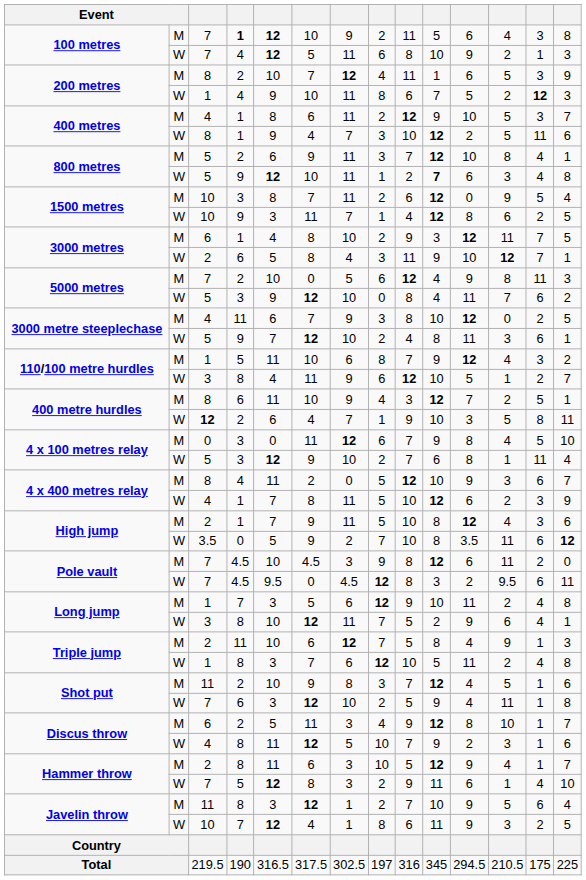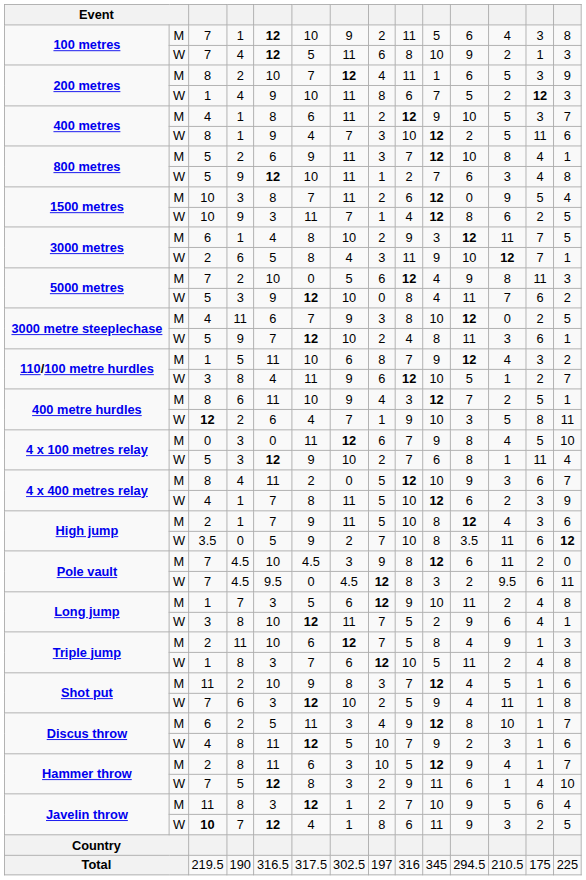 <table class="wikitable" style="background-color: #f9f9f9; font-size: 90%; text-align: center">
 <tr>
 <th width=200 colspan=2>Event</th>
 <th></th>
 <th></th>
 <th></th>
 <th></th>
 <th></th>
 <th></th>
 <th></th>
 <th></th>
 <th></th>
 <th></th>
 <th></th>
 <th></th>
 </tr>
 <tr>
 <td rowspan=2><strong><a href='#'>100 metres</a></strong></td>
 <td>M</td>
 <td>7</td>
-<td><strong>1</strong></td>
+<td>1</td>
 <td><strong>12</strong></td>
 <td>10</td>
 <td>9</td>
 <td>2</td>
 <td>11</td>
 <td>5</td>
 <td>6</td>
 <td>4</td>
 <td>3</td>
 <td>8</td>
 </tr>
 <tr>
 <td>W</td>
 <td>7</td>
 <td>4</td>
 <td><strong>12</strong></td>
 <td>5</td>
 <td>11</td>
 <td>6</td>
 <td>8</td>
 <td>10</td>
 <td>9</td>
 <td>2</td>
 <td>1</td>
 <td>3</td>
 </tr>
 <tr>
 <td rowspan=2><strong><a href='#'>200 metres</a></strong></td>
 <td>M</td>
 <td>8</td>
 <td>2</td>
 <td>10</td>
 <td>7</td>
 <td><strong>12</strong></td>
 <td>4</td>
 <td>11</td>
 <td>1</td>
 <td>6</td>
 <td>5</td>
 <td>3</td>
 <td>9</td>
 </tr>
 <tr>
 <td>W</td>
 <td>1</td>
 <td>4</td>
 <td>9</td>
 <td>10</td>
 <td>11</td>
 <td>8</td>
 <td>6</td>
 <td>7</td>
 <td>5</td>
 <td>2</td>
 <td><strong>12</strong></td>
 <td>3</td>
 </tr>
 <tr>
 <td rowspan=2><strong><a href='#'>400 metres</a></strong></td>
 <td>M</td>
 <td>4</td>
 <td>1</td>
 <td>8</td>
 <td>6</td>
 <td>11</td>
 <td>2</td>
 <td><strong>12</strong></td>
 <td>9</td>
 <td>10</td>
 <td>5</td>
 <td>3</td>
 <td>7</td>
 </tr>
 <tr>
 <td>W</td>
 <td>8</td>
 <td>1</td>
 <td>9</td>
 <td>4</td>
 <td>7</td>
 <td>3</td>
 <td>10</td>
 <td><strong>12</strong></td>
 <td>2</td>
 <td>5</td>
 <td>11</td>
 <td>6</td>
 </tr>
 <tr>
 <td rowspan=2><strong><a href='#'>800 metres</a></strong></td>
 <td>M</td>
 <td>5</td>
 <td>2</td>
 <td>6</td>
 <td>9</td>
 <td>11</td>
 <td>3</td>
 <td>7</td>
 <td><strong>12</strong></td>
 <td>10</td>
 <td>8</td>
 <td>4</td>
 <td>1</td>
 </tr>
 <tr>
 <td>W</td>
 <td>5</td>
 <td>9</td>
 <td><strong>12</strong></td>
 <td>10</td>
 <td>11</td>
 <td>1</td>
 <td>2</td>
-<td><strong>7</strong></td>
+<td>7</td>
 <td>6</td>
 <td>3</td>
 <td>4</td>
 <td>8</td>
 </tr>
 <tr>
 <td rowspan=2><strong><a href='#'>1500 metres</a></strong></td>
 <td>M</td>
 <td>10</td>
 <td>3</td>
 <td>8</td>
 <td>7</td>
 <td>11</td>
 <td>2</td>
 <td>6</td>
 <td><strong>12</strong></td>
 <td>0</td>
 <td>9</td>
 <td>5</td>
 <td>4</td>
 </tr>
 <tr>
 <td>W</td>
 <td>10</td>
 <td>9</td>
 <td>3</td>
 <td>11</td>
 <td>7</td>
 <td>1</td>
 <td>4</td>
 <td><strong>12</strong></td>
 <td>8</td>
 <td>6</td>
 <td>2</td>
 <td>5</td>
 </tr>
 <tr>
 <td rowspan=2><strong><a href='#'>3000 metres</a></strong></td>
 <td>M</td>
 <td>6</td>
 <td>1</td>
 <td>4</td>
 <td>8</td>
 <td>10</td>
 <td>2</td>
 <td>9</td>
 <td>3</td>
 <td><strong>12</strong></td>
 <td>11</td>
 <td>7</td>
 <td>5</td>
 </tr>
 <tr>
 <td>W</td>
 <td>2</td>
 <td>6</td>
 <td>5</td>
 <td>8</td>
 <td>4</td>
 <td>3</td>
 <td>11</td>
 <td>9</td>
 <td>10</td>
 <td><strong>12</strong></td>
 <td>7</td>
 <td>1</td>
 </tr>
 <tr>
 <td rowspan=2><strong><a href='#'>5000 metres</a></strong></td>
 <td>M</td>
 <td>7</td>
 <td>2</td>
 <td>10</td>
 <td>0</td>
 <td>5</td>
 <td>6</td>
 <td><strong>12</strong></td>
 <td>4</td>
 <td>9</td>
 <td>8</td>
 <td>11</td>
 <td>3</td>
 </tr>
 <tr>
 <td>W</td>
 <td>5</td>
 <td>3</td>
 <td>9</td>
 <td><strong>12</strong></td>
 <td>10</td>
 <td>0</td>
 <td>8</td>
 <td>4</td>
 <td>11</td>
 <td>7</td>
 <td>6</td>
 <td>2</td>
 </tr>
 <tr>
 <td rowspan=2><strong><a href='#'>3000 metre steeplechase</a></strong></td>
 <td>M</td>
 <td>4</td>
 <td>11</td>
 <td>6</td>
 <td>7</td>
 <td>9</td>
 <td>3</td>
 <td>8</td>
 <td>10</td>
 <td><strong>12</strong></td>
 <td>0</td>
 <td>2</td>
 <td>5</td>
 </tr>
 <tr>
 <td>W</td>
 <td>5</td>
 <td>9</td>
 <td>7</td>
 <td><strong>12</strong></td>
 <td>10</td>
 <td>2</td>
 <td>4</td>
 <td>8</td>
 <td>11</td>
 <td>3</td>
 <td>6</td>
 <td>1</td>
 </tr>
 <tr>
 <td rowspan=2><strong><a href='#'>110</a>/<a href='#'>100 metre hurdles</a></strong></td>
 <td>M</td>
 <td>1</td>
 <td>5</td>
 <td>11</td>
 <td>10</td>
 <td>6</td>
 <td>8</td>
 <td>7</td>
 <td>9</td>
 <td><strong>12</strong></td>
 <td>4</td>
 <td>3</td>
 <td>2</td>
 </tr>
 <tr>
 <td>W</td>
 <td>3</td>
 <td>8</td>
 <td>4</td>
 <td>11</td>
 <td>9</td>
 <td>6</td>
 <td><strong>12</strong></td>
 <td>10</td>
 <td>5</td>
 <td>1</td>
 <td>2</td>
 <td>7</td>
 </tr>
 <tr>
 <td rowspan=2><strong><a href='#'>400 metre hurdles</a></strong></td>
 <td>M</td>
 <td>8</td>
 <td>6</td>
 <td>11</td>
 <td>10</td>
 <td>9</td>
 <td>4</td>
 <td>3</td>
 <td><strong>12</strong></td>
 <td>7</td>
 <td>2</td>
 <td>5</td>
 <td>1</td>
 </tr>
 <tr>
 <td>W</td>
 <td><strong>12</strong></td>
 <td>2</td>
 <td>6</td>
 <td>4</td>
 <td>7</td>
 <td>1</td>
 <td>9</td>
 <td>10</td>
 <td>3</td>
 <td>5</td>
 <td>8</td>
 <td>11</td>
 </tr>
 <tr>
 <td rowspan=2><strong><a href='#'>4 x 100 metres relay</a></strong></td>
 <td>M</td>
 <td>0</td>
 <td>3</td>
 <td>0</td>
 <td>11</td>
 <td><strong>12</strong></td>
 <td>6</td>
 <td>7</td>
 <td>9</td>
 <td>8</td>
 <td>4</td>
 <td>5</td>
 <td>10</td>
 </tr>
 <tr>
 <td>W</td>
 <td>5</td>
 <td>3</td>
 <td><strong>12</strong></td>
 <td>9</td>
 <td>10</td>
 <td>2</td>
 <td>7</td>
 <td>6</td>
 <td>8</td>
 <td>1</td>
 <td>11</td>
 <td>4</td>
 </tr>
 <tr>
 <td rowspan=2><strong><a href='#'>4 x 400 metres relay</a></strong></td>
 <td>M</td>
 <td>8</td>
 <td>4</td>
 <td>11</td>
 <td>2</td>
 <td>0</td>
 <td>5</td>
 <td><strong>12</strong></td>
 <td>10</td>
 <td>9</td>
 <td>3</td>
 <td>6</td>
 <td>7</td>
 </tr>
 <tr>
 <td>W</td>
 <td>4</td>
 <td>1</td>
 <td>7</td>
 <td>8</td>
 <td>11</td>
 <td>5</td>
 <td>10</td>
 <td><strong>12</strong></td>
 <td>6</td>
 <td>2</td>
 <td>3</td>
 <td>9</td>
 </tr>
 <tr>
 <td rowspan=2><strong><a href='#'>High jump</a></strong></td>
 <td>M</td>
 <td>2</td>
 <td>1</td>
 <td>7</td>
 <td>9</td>
 <td>11</td>
 <td>5</td>
 <td>10</td>
 <td>8</td>
 <td><strong>12</strong></td>
 <td>4</td>
 <td>3</td>
 <td>6</td>
 </tr>
 <tr>
 <td>W</td>
 <td>3.5</td>
 <td>0</td>
 <td>5</td>
 <td>9</td>
 <td>2</td>
 <td>7</td>
 <td>10</td>
 <td>8</td>
 <td>3.5</td>
 <td>11</td>
 <td>6</td>
 <td><strong>12</strong></td>
 </tr>
 <tr>
 <td rowspan=2><strong><a href='#'>Pole vault</a></strong></td>
 <td>M</td>
 <td>7</td>
 <td>4.5</td>
 <td>10</td>
 <td>4.5</td>
 <td>3</td>
 <td>9</td>
 <td>8</td>
 <td><strong>12</strong></td>
 <td>6</td>
 <td>11</td>
 <td>2</td>
 <td>0</td>
 </tr>
 <tr>
 <td>W</td>
 <td>7</td>
 <td>4.5</td>
 <td>9.5</td>
 <td>0</td>
 <td>4.5</td>
 <td><strong>12</strong></td>
 <td>8</td>
 <td>3</td>
 <td>2</td>
 <td>9.5</td>
 <td>6</td>
 <td>11</td>
 </tr>
 <tr>
 <td rowspan=2><strong><a href='#'>Long jump</a></strong></td>
 <td>M</td>
 <td>1</td>
 <td>7</td>
 <td>3</td>
 <td>5</td>
 <td>6</td>
 <td><strong>12</strong></td>
 <td>9</td>
 <td>10</td>
 <td>11</td>
 <td>2</td>
 <td>4</td>
 <td>8</td>
 </tr>
 <tr>
 <td>W</td>
 <td>3</td>
 <td>8</td>
 <td>10</td>
 <td><strong>12</strong></td>
 <td>11</td>
 <td>7</td>
 <td>5</td>
 <td>2</td>
 <td>9</td>
 <td>6</td>
 <td>4</td>
 <td>1</td>
 </tr>
 <tr>
 <td rowspan=2><strong><a href='#'>Triple jump</a></strong></td>
 <td>M</td>
 <td>2</td>
 <td>11</td>
 <td>10</td>
 <td>6</td>
 <td><strong>12</strong></td>
 <td>7</td>
 <td>5</td>
 <td>8</td>
 <td>4</td>
 <td>9</td>
 <td>1</td>
 <td>3</td>
 </tr>
 <tr>
 <td>W</td>
 <td>1</td>
 <td>8</td>
 <td>3</td>
 <td>7</td>
 <td>6</td>
 <td><strong>12</strong></td>
 <td>10</td>
 <td>5</td>
 <td>11</td>
 <td>2</td>
 <td>4</td>
 <td>8</td>
 </tr>
 <tr>
 <td rowspan=2><strong><a href='#'>Shot put</a></strong></td>
 <td>M</td>
 <td>11</td>
 <td>2</td>
 <td>10</td>
 <td>9</td>
 <td>8</td>
 <td>3</td>
 <td>7</td>
 <td><strong>12</strong></td>
 <td>4</td>
 <td>5</td>
 <td>1</td>
 <td>6</td>
 </tr>
 <tr>
 <td>W</td>
 <td>7</td>
 <td>6</td>
 <td>3</td>
 <td><strong>12</strong></td>
 <td>10</td>
 <td>2</td>
 <td>5</td>
 <td>9</td>
 <td>4</td>
 <td>11</td>
 <td>1</td>
 <td>8</td>
 </tr>
 <tr>
 <td rowspan=2><strong><a href='#'>Discus throw</a></strong></td>
 <td>M</td>
 <td>6</td>
 <td>2</td>
 <td>5</td>
 <td>11</td>
 <td>3</td>
 <td>4</td>
 <td>9</td>
 <td><strong>12</strong></td>
 <td>8</td>
 <td>10</td>
 <td>1</td>
 <td>7</td>
 </tr>
 <tr>
 <td>W</td>
 <td>4</td>
 <td>8</td>
 <td>11</td>
 <td><strong>12</strong></td>
 <td>5</td>
 <td>10</td>
 <td>7</td>
 <td>9</td>
 <td>2</td>
 <td>3</td>
 <td>1</td>
 <td>6</td>
 </tr>
 <tr>
 <td rowspan=2><strong><a href='#'>Hammer throw</a></strong></td>
 <td>M</td>
 <td>2</td>
 <td>8</td>
 <td>11</td>
 <td>6</td>
 <td>3</td>
 <td>10</td>
 <td>5</td>
 <td><strong>12</strong></td>
 <td>9</td>
 <td>4</td>
 <td>1</td>
 <td>7</td>
 </tr>
 <tr>
 <td>W</td>
 <td>7</td>
 <td>5</td>
 <td><strong>12</strong></td>
 <td>8</td>
 <td>3</td>
 <td>2</td>
 <td>9</td>
 <td>11</td>
 <td>6</td>
 <td>1</td>
 <td>4</td>
 <td>10</td>
 </tr>
 <tr>
 <td rowspan=2><strong><a href='#'>Javelin throw</a></strong></td>
 <td>M</td>
 <td>11</td>
 <td>8</td>
 <td>3</td>
 <td><strong>12</strong></td>
 <td>1</td>
 <td>2</td>
 <td>7</td>
 <td>10</td>
 <td>9</td>
 <td>5</td>
 <td>6</td>
 <td>4</td>
 </tr>
 <tr>
 <td>W</td>
-<td>10</td>
+<td><strong>10</strong></td>
 <td>7</td>
 <td><strong>12</strong></td>
 <td>4</td>
 <td>1</td>
 <td>8</td>
 <td>6</td>
 <td>11</td>
 <td>9</td>
 <td>3</td>
 <td>2</td>
 <td>5</td>
 </tr>
 <tr>
 <th colspan=2>Country</th>
 <th></th>
 <th></th>
 <th></th>
 <th></th>
 <th></th>
 <th></th>
 <th></th>
 <th></th>
 <th></th>
 <th></th>
 <th></th>
 <th></th>
 </tr>
 <tr>
 <th colspan=2>Total</th>
 <td>219.5</td>
 <td>190</td>
 <td>316.5</td>
 <td>317.5</td>
 <td>302.5</td>
 <td>197</td>
 <td>316</td>
 <td>345</td>
 <td>294.5</td>
 <td>210.5</td>
 <td>175</td>
 <td>225</td>
 </tr>
 </table>
